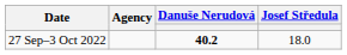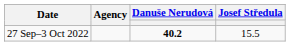 <table class="wikitable" style=text-align:center;font-size:85%;line-height:14px;">
 <tr>
 <th rowspan="2">Date</th>
 <th rowspan="2">Agency</th>
 <th><a href='#'>Danuše Nerudová</a></th>
 <th><a href='#'>Josef Středula</a></th>
 </tr>
 <tr>
 <th style="background:"></th>
 <th style="background:"></th>
 </tr>
 <tr>
 <td>27 Sep–3 Oct 2022</td>
 <td></td>
 <td><strong>40.2</strong></td>
-<td>18.0</td>
+<td>15.5</td>
 </tr>
 </table>
